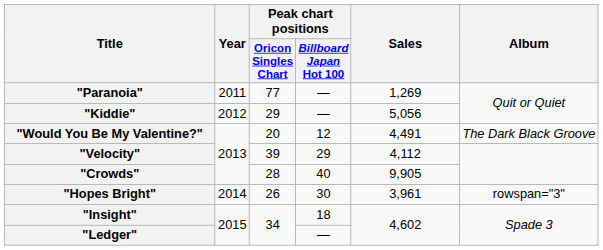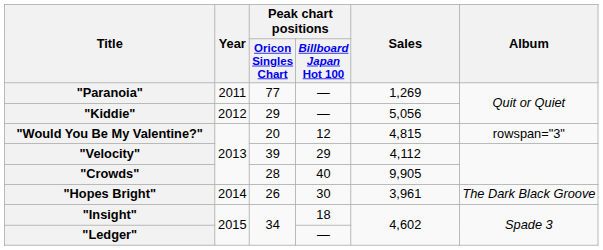 <table class="wikitable plainrowheaders" style="text-align:center;" border="1">
 <tr>
 <th scope="col" rowspan="2" style="width:16em;">Title</th>
 <th scope="col" rowspan="2">Year</th>
 <th scope="col" colspan="2">Peak chart positions</th>
 <th scope="col" rowspan="2" style="width:8em;">Sales</th>
 <th scope="col" rowspan="2">Album</th>
 </tr>
 <tr>
 <th scope="col" style="width:3em;font-size:90%;"><a href='#'>Oricon Singles Chart</a><br></th>
 <th scope="col" style="width:3em;font-size:90%;"><a href='#'><em>Billboard Japan</em> Hot 100</a><br></th>
 </tr>
 <tr>
 <th scope="row">"Paranoia"</th>
 <td>2011</td>
 <td>77</td>
 <td>—</td>
 <td>1,269</td>
 <td rowspan="2"><em>Quit or Quiet</em></td>
 </tr>
 <tr>
 <th scope="row">"Kiddie"</th>
 <td>2012</td>
 <td>29</td>
 <td>—</td>
 <td>5,056</td>
 </tr>
 <tr>
 <th scope="row">"Would You Be My Valentine?"</th>
 <td rowspan="3">2013</td>
 <td>20</td>
 <td>12</td>
-<td>4,491</td>
-<td><em>The Dark Black Groove</em></td>
+<td>4,815</td>
+<td>rowspan="3" </td>
 </tr>
 <tr>
 <th scope="row">"Velocity"</th>
 <td>39</td>
 <td>29</td>
 <td>4,112</td>
 </tr>
 <tr>
 <th scope="row">"Crowds"</th>
 <td>28</td>
 <td>40</td>
 <td>9,905</td>
 </tr>
 <tr>
 <th scope="row">"Hopes Bright"</th>
 <td>2014</td>
 <td>26</td>
 <td>30</td>
 <td>3,961</td>
-<td>rowspan="3" </td>
+<td><em>The Dark Black Groove</em></td>
 </tr>
 <tr>
 <th scope="row">"Insight"</th>
 <td rowspan="2">2015</td>
 <td rowspan="2">34</td>
 <td>18</td>
 <td rowspan="2">4,602</td>
 <td rowspan="2"><em>Spade 3</em></td>
 </tr>
 <tr>
 <th scope="row">"Ledger"</th>
 <td>—</td>
 </tr>
 </table>
